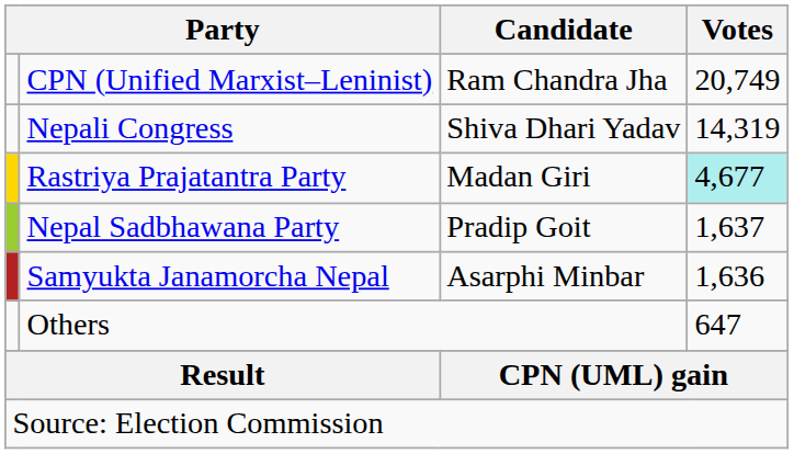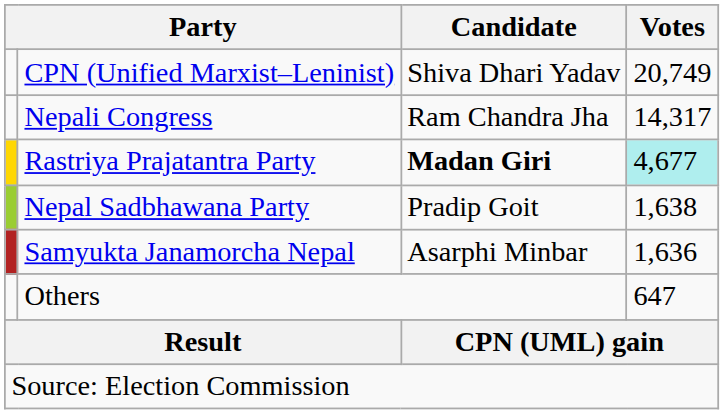 <table class="wikitable">
 <tr>
 <th colspan="2">Party</th>
 <th>Candidate</th>
 <th>Votes</th>
 </tr>
 <tr>
 <td style="background-color:"></td>
 <td><a href='#'>CPN (Unified Marxist–Leninist)</a></td>
-<td>Ram Chandra Jha</td>
+<td>Shiva Dhari Yadav</td>
 <td>20,749</td>
 </tr>
 <tr>
 <td style="background-color:"></td>
 <td><a href='#'>Nepali Congress</a></td>
-<td>Shiva Dhari Yadav</td>
-<td>14,319</td>
+<td>Ram Chandra Jha</td>
+<td>14,317</td>
 </tr>
 <tr>
 <td style="background-color:gold"></td>
 <td><a href='#'>Rastriya Prajatantra Party</a></td>
-<td>Madan Giri</td>
+<td><strong>Madan Giri</strong></td>
 <td style="background: paleturquoise;">4,677</td>
 </tr>
 <tr>
 <td style="background-color:yellowgreen"></td>
 <td><a href='#'>Nepal Sadbhawana Party</a></td>
 <td>Pradip Goit</td>
-<td>1,637</td>
+<td>1,638</td>
 </tr>
 <tr>
 <td style="background-color:firebrick"></td>
 <td><a href='#'>Samyukta Janamorcha Nepal</a></td>
 <td>Asarphi Minbar</td>
 <td>1,636</td>
 </tr>
 <tr>
 <td></td>
 <td colspan="2">Others</td>
 <td>647</td>
 </tr>
 <tr>
 <th colspan="2">Result</th>
 <th colspan="2">CPN (UML) gain</th>
 </tr>
 <tr>
 <td colspan="4">Source: Election Commission</td>
 </tr>
 </table>
